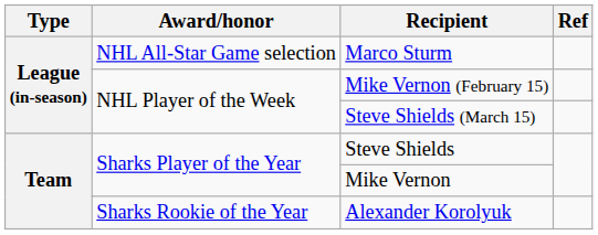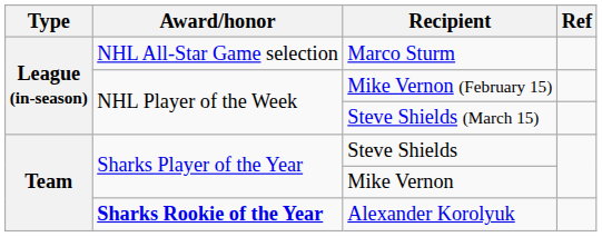 <table class="wikitable">
 <tr>
 <th scope="col">Type</th>
 <th scope="col">Award/honor</th>
 <th scope="col">Recipient</th>
 <th scope="col">Ref</th>
 </tr>
 <tr>
 <th scope="row" rowspan="3">League<br><small>(in-season)</small></th>
 <td><a href='#'>NHL All-Star Game</a> selection</td>
 <td><a href='#'>Marco Sturm</a></td>
 <td></td>
 </tr>
 <tr>
 <td rowspan="2">NHL Player of the Week</td>
 <td><a href='#'>Mike Vernon</a> <small>(February 15)</small></td>
 <td></td>
 </tr>
 <tr>
 <td><a href='#'>Steve Shields</a> <small>(March 15)</small></td>
 <td></td>
 </tr>
 <tr>
 <th scope="row" rowspan="3">Team</th>
 <td rowspan="2"><a href='#'>Sharks Player of the Year</a></td>
 <td>Steve Shields</td>
 <td rowspan="2"></td>
 </tr>
 <tr>
 <td>Mike Vernon</td>
 </tr>
 <tr>
-<td><a href='#'>Sharks Rookie of the Year</a></td>
+<td><strong><a href='#'>Sharks Rookie of the Year</a></strong></td>
 <td><a href='#'>Alexander Korolyuk</a></td>
 <td></td>
 </tr>
 </table>
